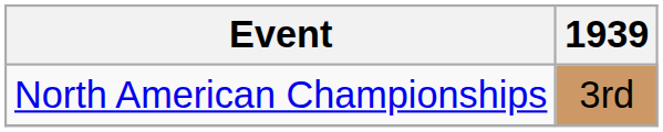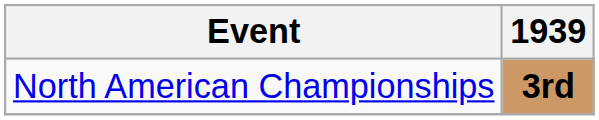 <table class="wikitable">
 <tr>
 <th>Event</th>
 <th>1939</th>
 </tr>
 <tr>
 <td><a href='#'>North American Championships</a></td>
-<td align="center" bgcolor="cc9966">3rd</td>
+<td align="center" bgcolor="cc9966"><strong>3rd</strong></td>
 </tr>
 <tr>
 </tr>
 </table>
